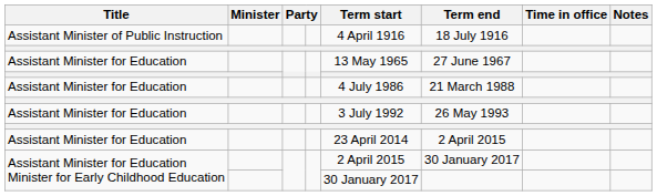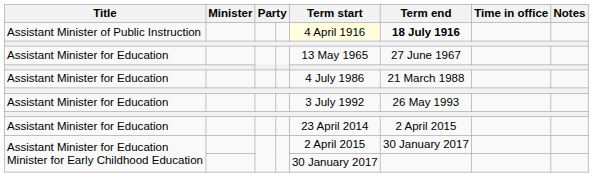 <table class="wikitable">
 <tr>
 <th>Title</th>
 <th>Minister</th>
 <th colspan="2">Party</th>
 <th data-sort-type="date">Term start</th>
 <th data-sort-type=date>Term end</th>
 <th>Time in office</th>
 <th class="unsortable">Notes</th>
 </tr>
 <tr>
 <td>Assistant Minister of Public Instruction</td>
 <td></td>
 <td> </td>
 <td></td>
-<td align="center">4 April 1916</td>
-<td align="center">18 July 1916</td>
+<td align="center" style="background: lightyellow;">4 April 1916</td>
+<td align="center"><strong>18 July 1916</strong></td>
 <td align=right></td>
 <td></td>
 </tr>
 <tr>
 <th colspan="9"></th>
 </tr>
 <tr>
 <td>Assistant Minister for Education</td>
 <td></td>
 <td rowspan="2" > </td>
 <td rowspan="2"></td>
 <td align="center">13 May 1965</td>
 <td align="center">27 June 1967</td>
 <td align=right></td>
 <td></td>
 </tr>
 <tr>
 <th colspan="9"></th>
 </tr>
 <tr>
 <td>Assistant Minister for Education</td>
 <td></td>
 <td> </td>
 <td></td>
 <td align="center">4 July 1986</td>
 <td align="center">21 March 1988</td>
 <td align=right></td>
 <td></td>
 </tr>
 <tr>
 <th colspan="9"></th>
 </tr>
 <tr>
 <td>Assistant Minister for Education</td>
 <td></td>
 <td> </td>
 <td></td>
 <td align="center">3 July 1992</td>
 <td align="center">26 May 1993</td>
 <td align=right></td>
 <td></td>
 </tr>
 <tr>
 <th colspan="9"></th>
 </tr>
 <tr>
 <td>Assistant Minister for Education</td>
 <td></td>
 <td> </td>
 <td></td>
 <td align="center">23 April 2014</td>
 <td align="center">2 April 2015</td>
 <td align=right></td>
 <td></td>
 </tr>
 <tr>
 <td rowspan="2">Assistant Minister for Education<br>Minister for Early Childhood Education</td>
 <td></td>
 <td rowspan="2" > </td>
 <td rowspan="2"></td>
 <td align="center">2 April 2015</td>
 <td align="center">30 January 2017</td>
 <td align=right></td>
 <td></td>
 </tr>
 <tr>
 <td></td>
 <td align="center">30 January 2017</td>
 <td align="center"></td>
 <td align=right></td>
 <td></td>
 </tr>
 </table>
